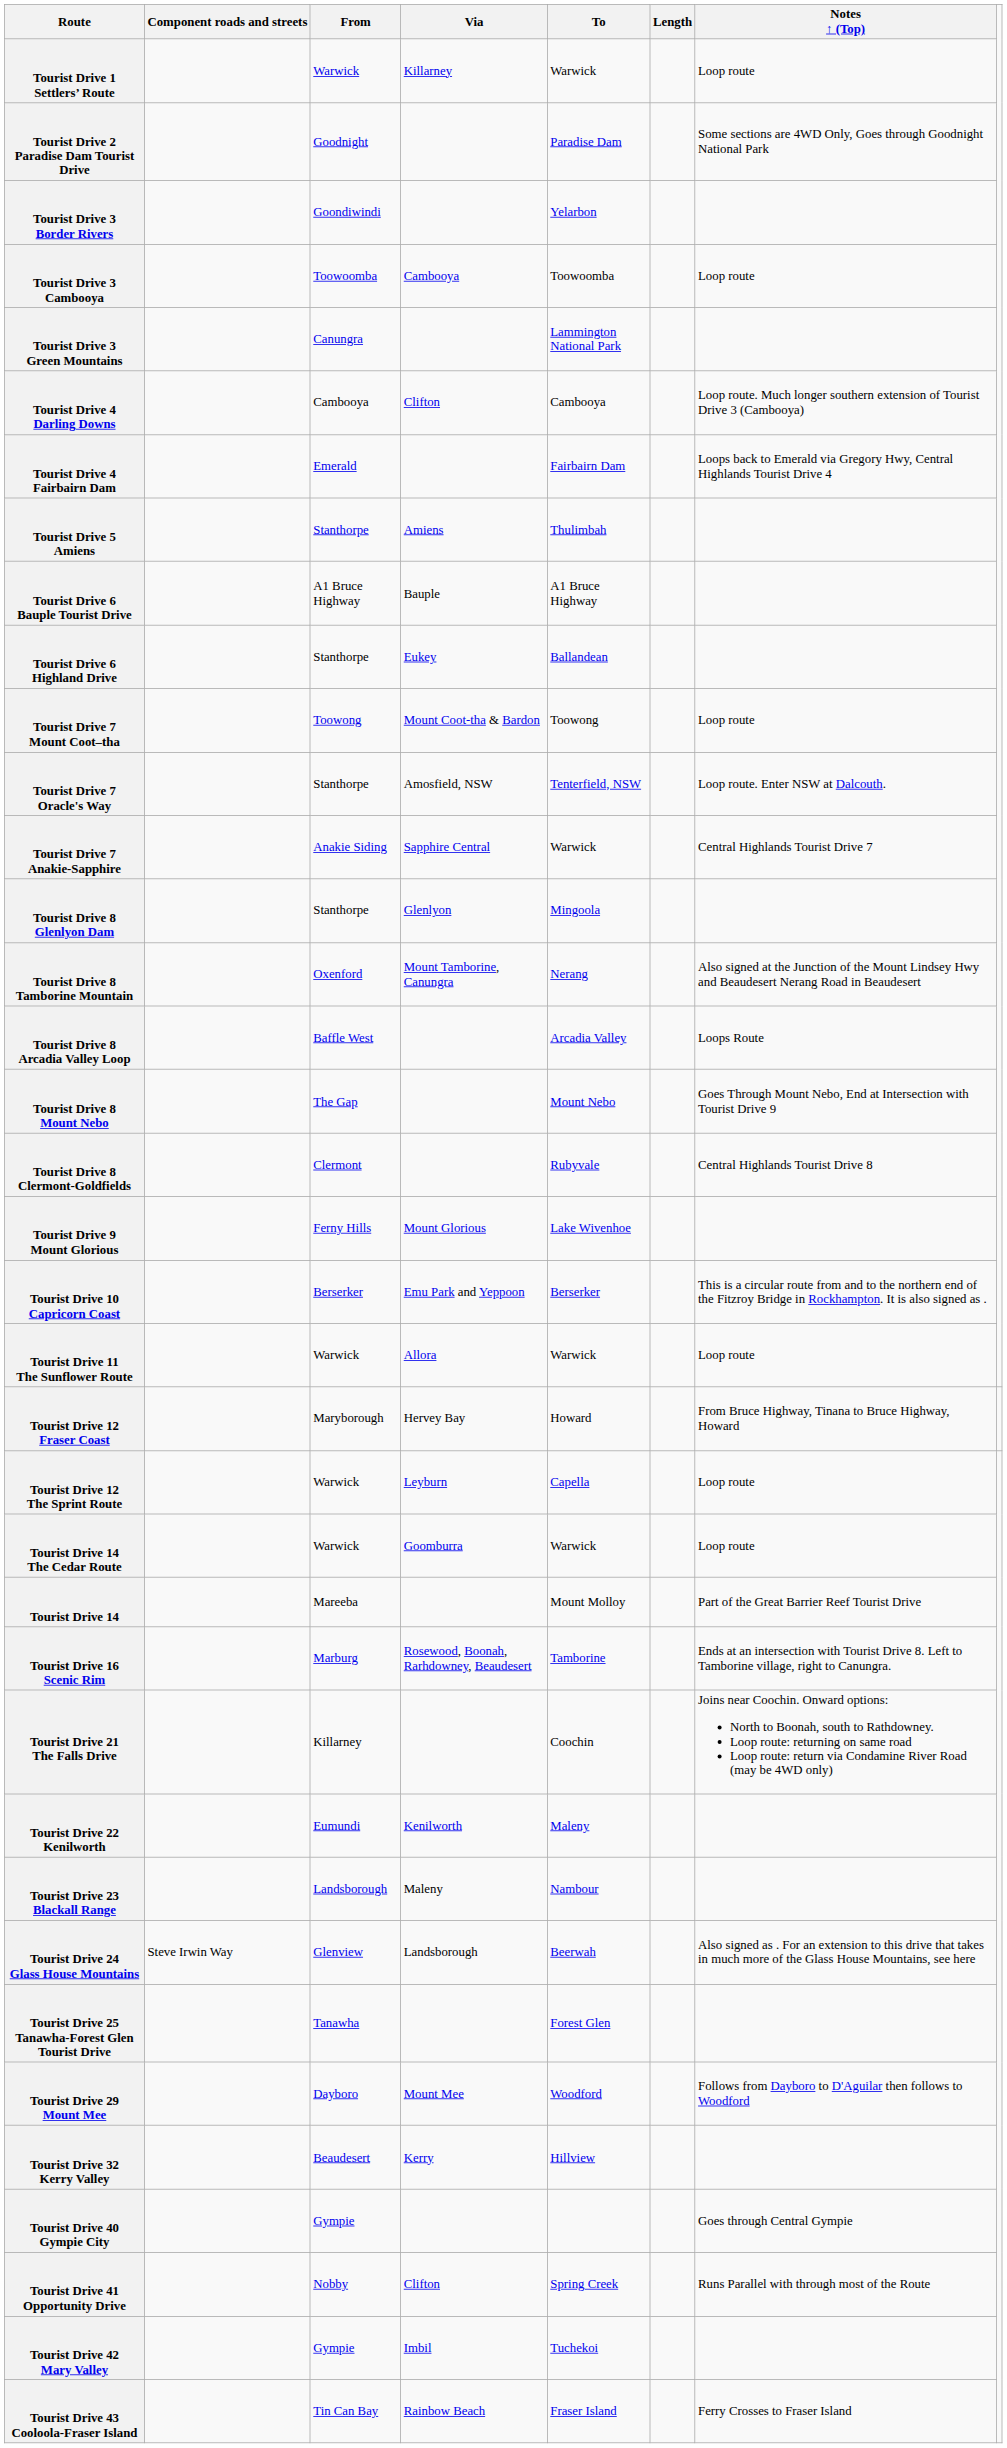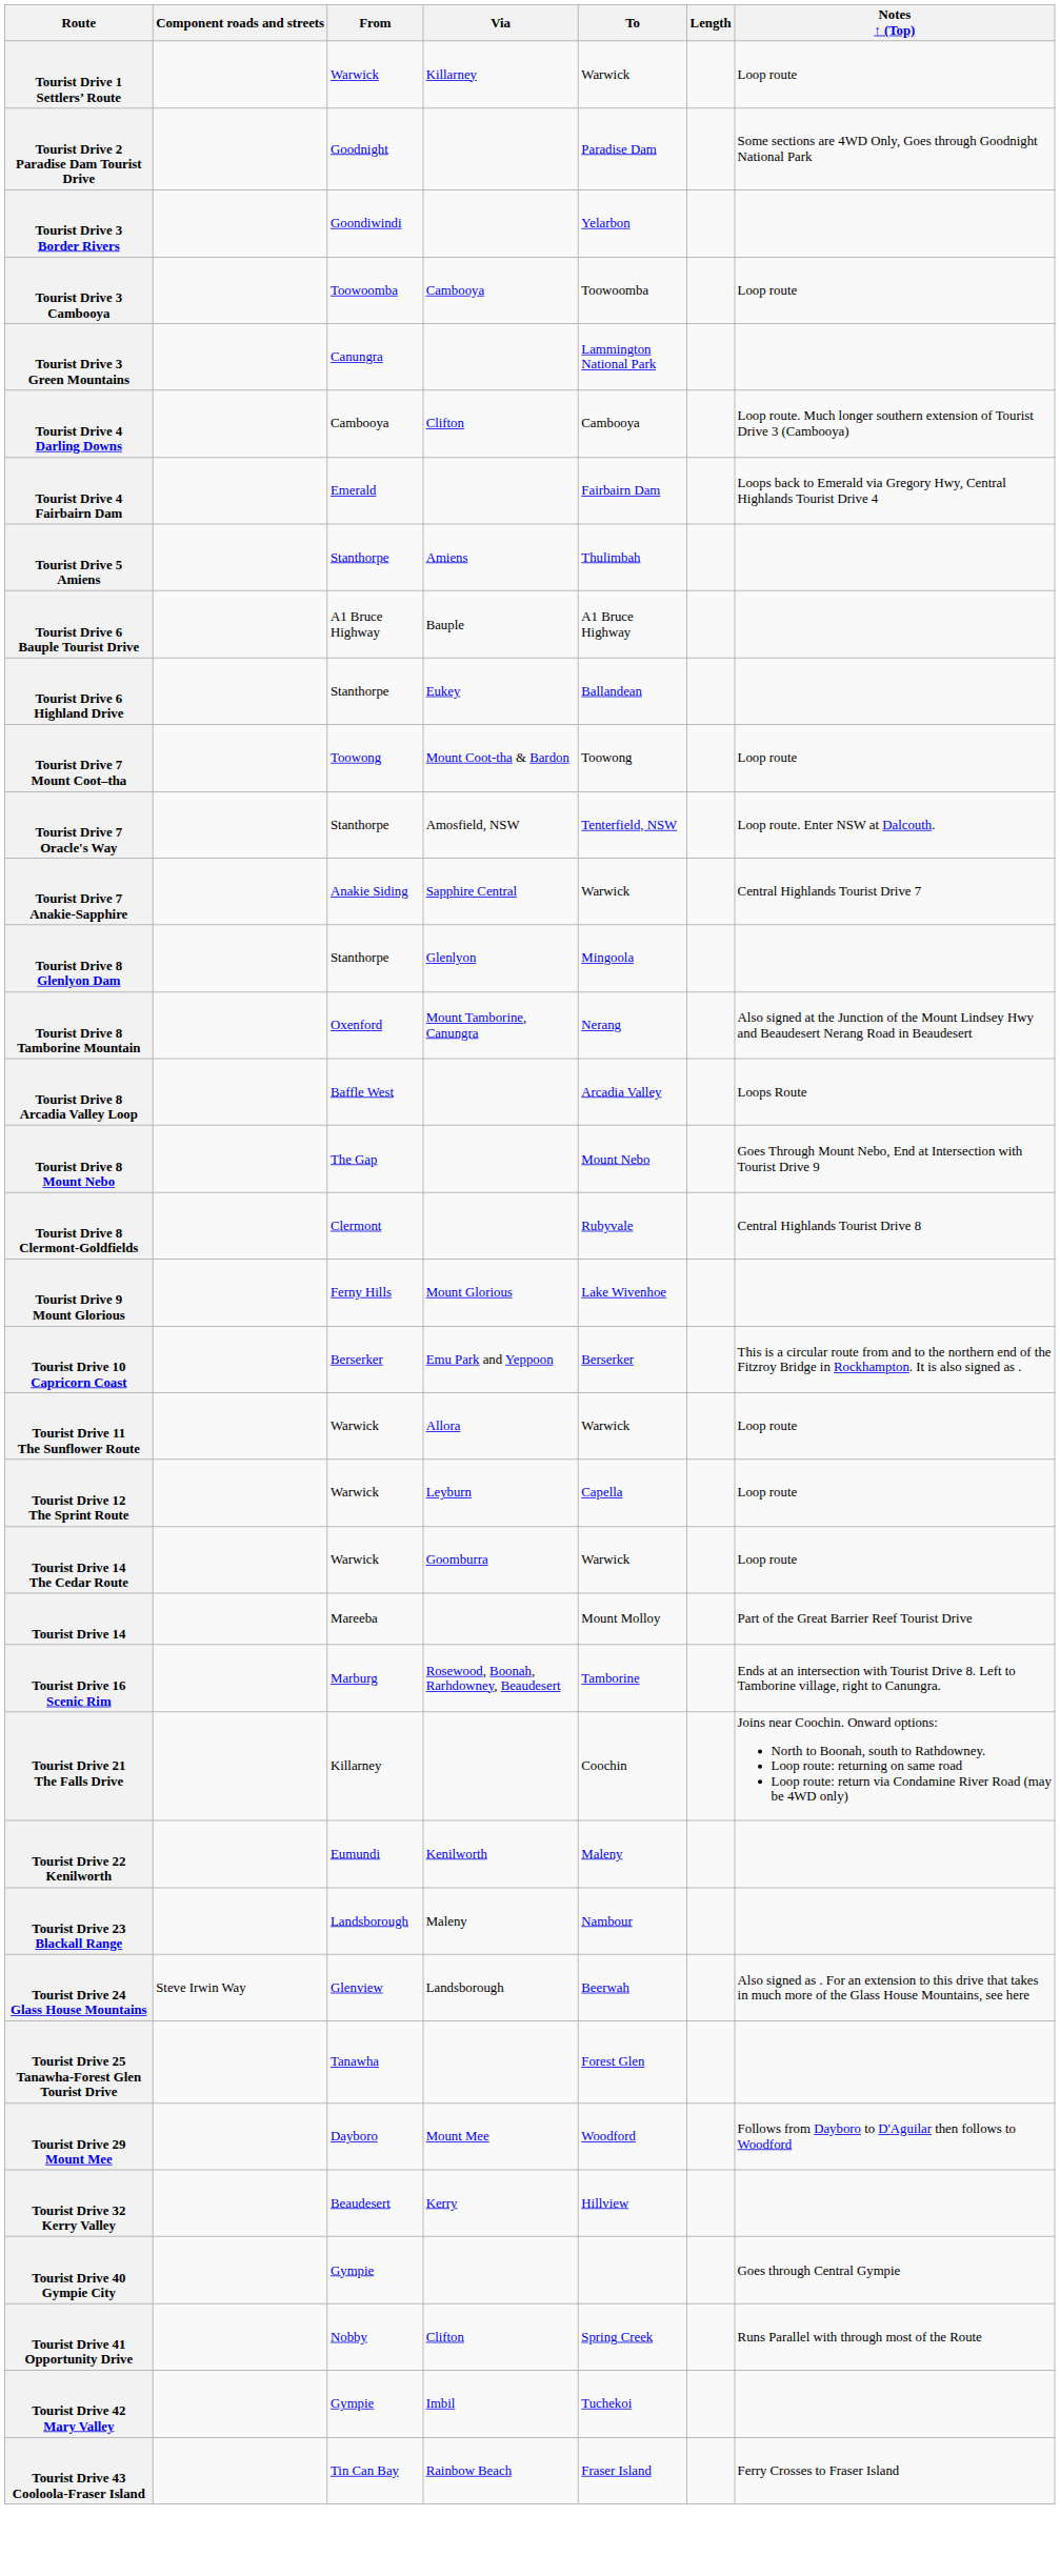 <table class="wikitable">
 <tr>
 <th scope="col">Route</th>
 <th scope="col">Component roads and streets</th>
 <th scope="col">From</th>
 <th scope="col">Via</th>
 <th scope="col">To</th>
 <th scope="col">Length</th>
 <th scope="col">Notes <br><a href='#'>↑ (Top)</a></th>
 </tr>
 <tr>
 <th> <br><br>Tourist Drive 1 <br> Settlers’ Route</th>
 <td></td>
 <td><a href='#'>Warwick</a></td>
 <td><a href='#'>Killarney</a></td>
 <td>Warwick</td>
 <td></td>
 <td>Loop route</td>
 </tr>
 <tr>
 <th> <br><br>Tourist Drive 2 <br> Paradise Dam Tourist Drive</th>
 <td></td>
 <td><a href='#'>Goodnight</a></td>
 <td></td>
 <td><a href='#'>Paradise Dam</a></td>
 <td></td>
 <td>Some sections are 4WD Only, Goes through Goodnight National Park</td>
 </tr>
 <tr>
 <th> <br><br>Tourist Drive 3 <br> <a href='#'>Border Rivers</a></th>
 <td></td>
 <td><a href='#'>Goondiwindi</a></td>
 <td></td>
 <td><a href='#'>Yelarbon</a></td>
 <td></td>
 <td></td>
 </tr>
 <tr>
 <th> <br><br>Tourist Drive 3 <br> Cambooya</th>
 <td></td>
 <td><a href='#'>Toowoomba</a></td>
 <td><a href='#'>Cambooya</a></td>
 <td>Toowoomba</td>
 <td></td>
 <td>Loop route</td>
 </tr>
 <tr>
 <th> <br><br>Tourist Drive 3 <br> Green Mountains</th>
 <td></td>
 <td><a href='#'>Canungra</a></td>
 <td></td>
 <td><a href='#'>Lammington National Park</a></td>
 <td></td>
 <td></td>
 </tr>
 <tr>
 <th> <br><br>Tourist Drive 4 <br> <a href='#'>Darling Downs</a></th>
 <td></td>
 <td>Cambooya</td>
 <td><a href='#'>Clifton</a></td>
 <td>Cambooya</td>
 <td></td>
 <td>Loop route. Much longer southern extension of Tourist Drive 3 (Cambooya)</td>
 </tr>
 <tr>
 <th> <br><br>Tourist Drive 4 <br> Fairbairn Dam</th>
 <td></td>
 <td><a href='#'>Emerald</a></td>
 <td></td>
 <td><a href='#'>Fairbairn Dam</a></td>
 <td></td>
 <td>Loops back to Emerald via  Gregory Hwy, Central Highlands Tourist Drive 4</td>
 </tr>
 <tr>
 <th> <br><br>Tourist Drive 5 <br> Amiens</th>
 <td></td>
 <td><a href='#'>Stanthorpe</a></td>
 <td><a href='#'>Amiens</a></td>
 <td><a href='#'>Thulimbah</a></td>
 <td></td>
 <td></td>
 </tr>
 <tr>
 <th> <br><br>Tourist Drive 6 <br> Bauple Tourist Drive</th>
 <td></td>
 <td>A1 Bruce Highway</td>
 <td>Bauple</td>
 <td>A1 Bruce Highway</td>
 <td></td>
 <td></td>
 </tr>
 <tr>
 <th> <br><br>Tourist Drive 6 <br> Highland Drive</th>
 <td></td>
 <td>Stanthorpe</td>
 <td><a href='#'>Eukey</a></td>
 <td><a href='#'>Ballandean</a></td>
 <td></td>
 <td></td>
 </tr>
 <tr>
 <th> <br><br>Tourist Drive 7 <br> Mount Coot–tha</th>
 <td></td>
 <td><a href='#'>Toowong</a></td>
 <td><a href='#'>Mount Coot-tha</a> & <a href='#'>Bardon</a></td>
 <td>Toowong</td>
 <td></td>
 <td>Loop route</td>
 </tr>
 <tr>
 <th> <br><br>Tourist Drive 7 <br> Oracle's Way</th>
 <td></td>
 <td>Stanthorpe</td>
 <td>Amosfield, NSW</td>
 <td><a href='#'>Tenterfield, NSW</a></td>
 <td></td>
 <td>Loop route. Enter NSW at <a href='#'>Dalcouth</a>.</td>
 </tr>
 <tr>
 <th> <br><br>Tourist Drive 7 <br> Anakie-Sapphire</th>
 <td></td>
 <td><a href='#'>Anakie Siding</a></td>
 <td><a href='#'>Sapphire Central</a></td>
 <td>Warwick</td>
 <td></td>
 <td>Central Highlands Tourist Drive 7</td>
 </tr>
 <tr>
 <th> <br><br>Tourist Drive 8 <br> <a href='#'>Glenlyon Dam</a></th>
 <td></td>
 <td>Stanthorpe</td>
 <td><a href='#'>Glenlyon</a></td>
 <td><a href='#'>Mingoola</a></td>
 <td></td>
 <td></td>
 </tr>
 <tr>
 <th> <br><br>Tourist Drive 8 <br> Tamborine Mountain</th>
 <td></td>
 <td><a href='#'>Oxenford</a></td>
 <td><a href='#'>Mount Tamborine</a>, <a href='#'>Canungra</a></td>
 <td><a href='#'>Nerang</a></td>
 <td></td>
 <td>Also signed at the Junction of the Mount Lindsey Hwy and Beaudesert Nerang Road in Beaudesert</td>
 </tr>
 <tr>
 <th> <br><br>Tourist Drive 8 <br> Arcadia Valley Loop</th>
 <td></td>
 <td><a href='#'>Baffle West</a></td>
 <td></td>
 <td><a href='#'>Arcadia Valley</a></td>
 <td></td>
 <td>Loops Route</td>
 </tr>
 <tr>
 <th> <br><br>Tourist Drive 8 <br> <a href='#'>Mount Nebo</a></th>
 <td></td>
 <td><a href='#'>The Gap</a></td>
 <td></td>
 <td><a href='#'>Mount Nebo</a></td>
 <td></td>
 <td>Goes Through Mount Nebo, End at Intersection with Tourist Drive 9</td>
 </tr>
 <tr>
 <th> <br><br>Tourist Drive 8 <br> Clermont-Goldfields</th>
 <td></td>
 <td><a href='#'>Clermont</a></td>
 <td></td>
 <td><a href='#'>Rubyvale</a></td>
 <td></td>
 <td>Central Highlands Tourist Drive 8</td>
 </tr>
 <tr>
 <th> <br><br>Tourist Drive 9 <br> Mount Glorious</th>
 <td></td>
 <td><a href='#'>Ferny Hills</a></td>
 <td><a href='#'>Mount Glorious</a></td>
 <td><a href='#'>Lake Wivenhoe</a></td>
 <td></td>
 <td></td>
 </tr>
 <tr>
 <th style="vertical-align:top; white-space:nowrap;"> <br><br>Tourist Drive 10 <br> <a href='#'>Capricorn Coast</a></th>
 <td></td>
 <td><a href='#'>Berserker</a></td>
 <td><a href='#'>Emu Park</a> and <a href='#'>Yeppoon</a></td>
 <td><a href='#'>Berserker</a></td>
 <td></td>
 <td>This is a circular route from and to the northern end of the Fitzroy Bridge in <a href='#'>Rockhampton</a>. It is also signed as .</td>
 </tr>
 <tr>
 <th> <br><br>Tourist Drive 11<br> The Sunflower Route</th>
 <td></td>
 <td>Warwick</td>
 <td><a href='#'>Allora</a></td>
 <td>Warwick</td>
 <td></td>
 <td>Loop route</td>
 </tr>
 <tr>
-<th> <br><br>Tourist Drive 12 <br> <a href='#'>Fraser Coast</a></th>
-<td></td>
-<td>Maryborough</td>
-<td>Hervey Bay</td>
-<td>Howard</td>
-<td></td>
-<td>From Bruce Highway, Tinana to Bruce Highway, Howard</td>
-<td></td>
-</tr>
-<tr>
 <th> <br><br>Tourist Drive 12 <br> The Sprint Route</th>
 <td></td>
 <td>Warwick</td>
 <td><a href='#'>Leyburn</a></td>
 <td><a href='#'>Capella</a></td>
 <td></td>
 <td>Loop route</td>
 </tr>
 <tr>
 <th> <br><br>Tourist Drive 14 <br> The Cedar Route</th>
 <td></td>
 <td>Warwick</td>
 <td><a href='#'>Goomburra</a></td>
 <td>Warwick</td>
 <td></td>
 <td>Loop route</td>
 </tr>
 <tr>
 <th> <br><br>Tourist Drive 14 <br></th>
 <td></td>
 <td>Mareeba</td>
 <td></td>
 <td>Mount Molloy</td>
 <td></td>
 <td>Part of the Great Barrier Reef Tourist Drive</td>
 </tr>
 <tr>
 <th> <br><br>Tourist Drive 16 <br> <a href='#'>Scenic Rim</a></th>
 <td></td>
 <td><a href='#'>Marburg</a></td>
 <td><a href='#'>Rosewood</a>, <a href='#'>Boonah</a>, <a href='#'>Rarhdowney</a>, <a href='#'>Beaudesert</a></td>
 <td><a href='#'>Tamborine</a></td>
 <td></td>
 <td>Ends at an intersection with Tourist Drive 8. Left to Tamborine village, right to Canungra.</td>
 </tr>
 <tr>
 <th><br><strong>Tourist Drive 21</strong><br>The Falls Drive<br></th>
 <td></td>
 <td>Killarney</td>
 <td></td>
 <td>Coochin</td>
 <td></td>
 <td>Joins  near Coochin. Onward options:<br><ul><li>North to Boonah, south to Rathdowney.</li><li>Loop route: returning on same road</li><li>Loop route: return via Condamine River Road (may be 4WD only)</li></ul></td>
 </tr>
 <tr>
 <th> <br><br><strong>Tourist Drive 22</strong><br>Kenilworth<br> </th>
 <td></td>
 <td><a href='#'>Eumundi</a></td>
 <td><a href='#'>Kenilworth</a></td>
 <td><a href='#'>Maleny</a></td>
 <td></td>
 <td></td>
 </tr>
 <tr>
 <th> <br><br>Tourist Drive 23 <br> <a href='#'>Blackall Range</a></th>
 <td></td>
 <td><a href='#'>Landsborough</a></td>
 <td>Maleny</td>
 <td><a href='#'>Nambour</a></td>
 <td></td>
 <td></td>
 </tr>
 <tr>
 <th> <br><br>Tourist Drive 24 <br> <a href='#'>Glass House Mountains</a></th>
 <td>Steve Irwin Way</td>
 <td><a href='#'>Glenview</a></td>
 <td>Landsborough</td>
 <td><a href='#'>Beerwah</a></td>
 <td></td>
 <td>Also signed as . For an extension to this drive that takes in much more of the Glass House Mountains, see here </td>
 </tr>
 <tr>
 <th> <br><br>Tourist Drive 25 <br> Tanawha-Forest Glen Tourist Drive</th>
 <td></td>
 <td><a href='#'>Tanawha</a></td>
 <td></td>
 <td><a href='#'>Forest Glen</a></td>
 <td></td>
 <td></td>
 </tr>
 <tr>
 <th> <br><br>Tourist Drive 29 <br> <a href='#'>Mount Mee</a></th>
 <td></td>
 <td><a href='#'>Dayboro</a></td>
 <td><a href='#'>Mount Mee</a></td>
 <td><a href='#'>Woodford</a></td>
 <td></td>
 <td>Follows  from <a href='#'>Dayboro</a> to <a href='#'>D'Aguilar</a> then follows  to <a href='#'>Woodford</a></td>
 </tr>
 <tr>
 <th> <br><br>Tourist Drive 32 <br> Kerry Valley</th>
 <td></td>
 <td><a href='#'>Beaudesert</a></td>
 <td><a href='#'>Kerry</a></td>
 <td><a href='#'>Hillview</a></td>
 <td></td>
 <td></td>
 </tr>
 <tr>
 <th> <br><br>Tourist Drive 40 <br> Gympie City</th>
 <td></td>
 <td><a href='#'>Gympie</a></td>
 <td></td>
 <td></td>
 <td></td>
 <td>Goes through Central Gympie</td>
 </tr>
 <tr>
 <th> <br><br>Tourist Drive 41 <br> Opportunity Drive</th>
 <td></td>
 <td><a href='#'>Nobby</a></td>
 <td><a href='#'>Clifton</a></td>
 <td><a href='#'>Spring Creek</a></td>
 <td></td>
 <td>Runs Parallel with  through most of the Route</td>
 </tr>
 <tr>
 <th> <br><br>Tourist Drive 42 <br> <a href='#'>Mary Valley</a></th>
 <td></td>
 <td><a href='#'>Gympie</a></td>
 <td><a href='#'>Imbil</a></td>
 <td><a href='#'>Tuchekoi</a></td>
 <td></td>
 <td></td>
 </tr>
 <tr>
 <th> <br><br>Tourist Drive 43 <br> Cooloola-Fraser Island</th>
 <td></td>
 <td><a href='#'>Tin Can Bay</a></td>
 <td><a href='#'>Rainbow Beach</a></td>
 <td><a href='#'>Fraser Island</a></td>
 <td></td>
 <td> Ferry Crosses to Fraser Island</td>
 </tr>
 </table>
